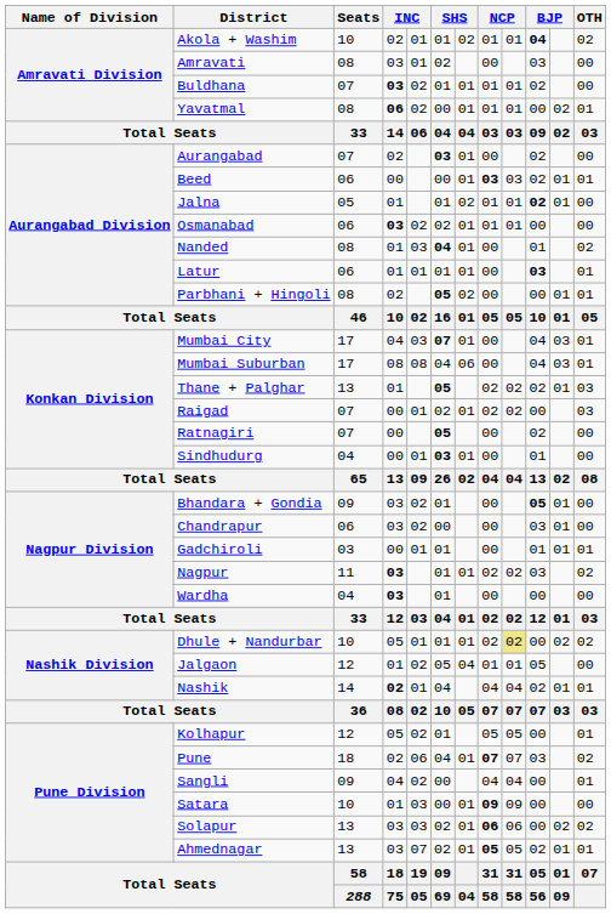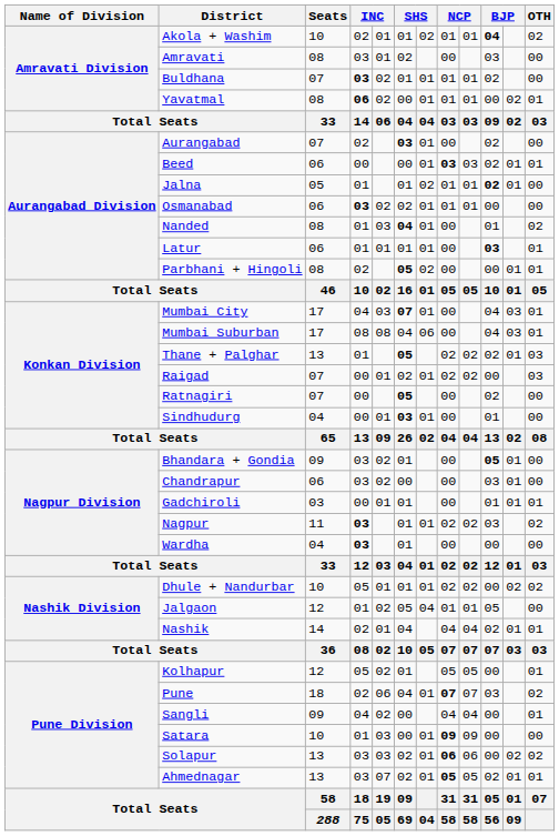 <table class="wikitable sortable">
 <tr>
 <th>Name of Division</th>
 <th>District</th>
 <th>Seats</th>
 <th colspan="2"><a href='#'>INC</a></th>
 <th colspan="2"><a href='#'>SHS</a></th>
 <th colspan="2"><a href='#'>NCP</a></th>
 <th colspan="2"><a href='#'>BJP</a></th>
 <th>OTH</th>
 </tr>
 <tr>
 <th rowspan="4"><a href='#'>Amravati Division</a></th>
 <td><a href='#'>Akola</a> + <a href='#'>Washim</a></td>
 <td>10</td>
 <td>02</td>
 <td> 01</td>
 <td>01</td>
 <td> 02</td>
 <td>01</td>
 <td> 01</td>
 <td><strong>04</strong></td>
 <td></td>
 <td>02</td>
 </tr>
 <tr>
 <td><a href='#'>Amravati</a></td>
 <td>08</td>
 <td>03</td>
 <td> 01</td>
 <td>02</td>
 <td></td>
 <td>00</td>
 <td></td>
 <td>03</td>
 <td></td>
 <td>00</td>
 </tr>
 <tr>
 <td><a href='#'>Buldhana</a></td>
 <td>07</td>
 <td><strong>03</strong></td>
 <td> 02</td>
 <td>01</td>
 <td> 01</td>
 <td>01</td>
 <td> 01</td>
 <td>02</td>
 <td></td>
 <td>00</td>
 </tr>
 <tr>
 <td><a href='#'>Yavatmal</a></td>
 <td>08</td>
 <td><strong>06</strong></td>
 <td> 02</td>
 <td>00</td>
 <td> 01</td>
 <td>01</td>
 <td> 01</td>
 <td>00</td>
 <td> 02</td>
 <td>01</td>
 </tr>
 <tr>
 <th colspan="2">Total Seats</th>
 <th>33</th>
 <th>14</th>
 <th> 06</th>
 <th>04</th>
 <th> 04</th>
 <th>03</th>
 <th> 03</th>
 <th>09</th>
 <th> 02</th>
 <th>03</th>
 </tr>
 <tr>
 <th rowspan="7"><a href='#'>Aurangabad Division</a></th>
 <td><a href='#'>Aurangabad</a></td>
 <td>07</td>
 <td>02</td>
 <td></td>
 <td><strong>03</strong></td>
 <td> 01</td>
 <td>00</td>
 <td></td>
 <td>02</td>
 <td></td>
 <td>00</td>
 </tr>
 <tr>
 <td><a href='#'>Beed</a></td>
 <td>06</td>
 <td>00</td>
 <td></td>
 <td>00</td>
 <td> 01</td>
 <td><strong>03</strong></td>
 <td> 03</td>
 <td>02</td>
 <td> 01</td>
 <td>01</td>
 </tr>
 <tr>
 <td><a href='#'>Jalna</a></td>
 <td>05</td>
 <td>01</td>
 <td></td>
 <td>01</td>
 <td> 02</td>
 <td>01</td>
 <td> 01</td>
 <td><strong>02</strong></td>
 <td> 01</td>
 <td>00</td>
 </tr>
 <tr>
 <td><a href='#'>Osmanabad</a></td>
 <td>06</td>
 <td><strong>03</strong></td>
 <td> 02</td>
 <td>02</td>
 <td> 01</td>
 <td>01</td>
 <td> 01</td>
 <td>00</td>
 <td></td>
 <td>00</td>
 </tr>
 <tr>
 <td><a href='#'>Nanded</a></td>
 <td>08</td>
 <td>01</td>
 <td> 03</td>
 <td><strong>04</strong></td>
 <td> 01</td>
 <td>00</td>
 <td></td>
 <td>01</td>
 <td></td>
 <td>02</td>
 </tr>
 <tr>
 <td><a href='#'>Latur</a></td>
 <td>06</td>
 <td>01</td>
 <td> 01</td>
 <td>01</td>
 <td> 01</td>
 <td>00</td>
 <td></td>
 <td><strong>03</strong></td>
 <td></td>
 <td>01</td>
 </tr>
 <tr>
 <td><a href='#'>Parbhani</a> + <a href='#'>Hingoli</a></td>
 <td>08</td>
 <td>02</td>
 <td></td>
 <td><strong>05</strong></td>
 <td> 02</td>
 <td>00</td>
 <td></td>
 <td>00</td>
 <td> 01</td>
 <td>01</td>
 </tr>
 <tr>
 <th colspan="2">Total Seats</th>
 <th>46</th>
 <th>10</th>
 <th> 02</th>
 <th>16</th>
 <th> 01</th>
 <th>05</th>
 <th> 05</th>
 <th>10</th>
 <th> 01</th>
 <th>05</th>
 </tr>
 <tr>
 <th rowspan="6"><a href='#'>Konkan Division</a></th>
 <td><a href='#'>Mumbai City</a></td>
 <td>17</td>
 <td>04</td>
 <td> 03</td>
 <td><strong>07</strong></td>
 <td> 01</td>
 <td>00</td>
 <td></td>
 <td>04</td>
 <td> 03</td>
 <td>01</td>
 </tr>
 <tr>
 <td><a href='#'>Mumbai Suburban</a></td>
 <td>17</td>
 <td>08</td>
 <td> 08</td>
 <td>04</td>
 <td> 06</td>
 <td>00</td>
 <td></td>
 <td>04</td>
 <td> 03</td>
 <td>01</td>
 </tr>
 <tr>
 <td><a href='#'>Thane</a> + <a href='#'>Palghar</a></td>
 <td>13</td>
 <td>01</td>
 <td></td>
 <td><strong>05</strong></td>
 <td></td>
 <td>02</td>
 <td> 02</td>
 <td>02</td>
 <td> 01</td>
 <td>03</td>
 </tr>
 <tr>
 <td><a href='#'>Raigad</a></td>
 <td>07</td>
 <td>00</td>
 <td> 01</td>
 <td>02</td>
 <td> 01</td>
 <td>02</td>
 <td> 02</td>
 <td>00</td>
 <td></td>
 <td>03</td>
 </tr>
 <tr>
 <td><a href='#'>Ratnagiri</a></td>
 <td>07</td>
 <td>00</td>
 <td></td>
 <td><strong>05</strong></td>
 <td></td>
 <td>00</td>
 <td></td>
 <td>02</td>
 <td></td>
 <td>00</td>
 </tr>
 <tr>
 <td><a href='#'>Sindhudurg</a></td>
 <td>04</td>
 <td>00</td>
 <td> 01</td>
 <td><strong>03</strong></td>
 <td> 01</td>
 <td>00</td>
 <td></td>
 <td>01</td>
 <td></td>
 <td>00</td>
 </tr>
 <tr>
 <th colspan="2">Total Seats</th>
 <th>65</th>
 <th>13</th>
 <th> 09</th>
 <th>26</th>
 <th> 02</th>
 <th>04</th>
 <th> 04</th>
 <th>13</th>
 <th> 02</th>
 <th>08</th>
 </tr>
 <tr>
 <th rowspan="5"><a href='#'>Nagpur Division</a></th>
 <td><a href='#'>Bhandara</a> + <a href='#'>Gondia</a></td>
 <td>09</td>
 <td>03</td>
 <td> 02</td>
 <td>01</td>
 <td></td>
 <td>00</td>
 <td></td>
 <td><strong>05</strong></td>
 <td> 01</td>
 <td>00</td>
 </tr>
 <tr>
 <td><a href='#'>Chandrapur</a></td>
 <td>06</td>
 <td>03</td>
 <td> 02</td>
 <td>00</td>
 <td></td>
 <td>00</td>
 <td></td>
 <td>03</td>
 <td> 01</td>
 <td>00</td>
 </tr>
 <tr>
 <td><a href='#'>Gadchiroli</a></td>
 <td>03</td>
 <td>00</td>
 <td> 01</td>
 <td>01</td>
 <td></td>
 <td>00</td>
 <td></td>
 <td>01</td>
 <td> 01</td>
 <td>01</td>
 </tr>
 <tr>
 <td><a href='#'>Nagpur</a></td>
 <td>11</td>
 <td><strong>03</strong></td>
 <td></td>
 <td>01</td>
 <td> 01</td>
 <td>02</td>
 <td> 02</td>
 <td>03</td>
 <td></td>
 <td>02</td>
 </tr>
 <tr>
 <td><a href='#'>Wardha</a></td>
 <td>04</td>
 <td><strong>03</strong></td>
 <td></td>
 <td>01</td>
 <td></td>
 <td>00</td>
 <td></td>
 <td>00</td>
 <td></td>
 <td>00</td>
 </tr>
 <tr>
 <th colspan="2">Total Seats</th>
 <th>33</th>
 <th>12</th>
 <th> 03</th>
 <th>04</th>
 <th> 01</th>
 <th>02</th>
 <th> 02</th>
 <th>12</th>
 <th> 01</th>
 <th>03</th>
 </tr>
 <tr>
 <th rowspan="3"><a href='#'>Nashik Division</a></th>
 <td><a href='#'>Dhule</a> + <a href='#'>Nandurbar</a></td>
 <td>10</td>
 <td>05</td>
 <td> 01</td>
 <td>01</td>
 <td> 01</td>
 <td>02</td>
-<td style="background: khaki;"> 02</td>
+<td> 02</td>
 <td>00</td>
 <td> 02</td>
 <td>02</td>
 </tr>
 <tr>
 <td><a href='#'>Jalgaon</a></td>
 <td>12</td>
 <td>01</td>
 <td> 02</td>
 <td>05</td>
 <td> 04</td>
 <td>01</td>
 <td> 01</td>
 <td>05</td>
 <td></td>
 <td>00</td>
 </tr>
 <tr>
 <td><a href='#'>Nashik</a></td>
 <td>14</td>
-<td><strong>02</strong></td>
+<td>02</td>
 <td> 01</td>
 <td>04</td>
 <td></td>
 <td>04</td>
 <td> 04</td>
 <td>02</td>
 <td> 01</td>
 <td>01</td>
 </tr>
 <tr>
 <th colspan="2">Total Seats</th>
 <th>36</th>
 <th>08</th>
 <th> 02</th>
 <th>10</th>
 <th> 05</th>
 <th>07</th>
 <th> 07</th>
 <th>07</th>
 <th> 03</th>
 <th>03</th>
 </tr>
 <tr>
 <th rowspan="6"><a href='#'>Pune Division</a></th>
 <td><a href='#'>Kolhapur</a></td>
 <td>12</td>
 <td>05</td>
 <td> 02</td>
 <td>01</td>
 <td></td>
 <td>05</td>
 <td> 05</td>
 <td>00</td>
 <td></td>
 <td>01</td>
 </tr>
 <tr>
 <td><a href='#'>Pune</a></td>
 <td>18</td>
 <td>02</td>
 <td> 06</td>
 <td>04</td>
 <td> 01</td>
 <td><strong>07</strong></td>
 <td> 07</td>
 <td>03</td>
 <td></td>
 <td>02</td>
 </tr>
 <tr>
 <td><a href='#'>Sangli</a></td>
 <td>09</td>
 <td>04</td>
 <td> 02</td>
 <td>00</td>
 <td></td>
 <td>04</td>
 <td> 04</td>
 <td>00</td>
 <td></td>
 <td>01</td>
 </tr>
 <tr>
 <td><a href='#'>Satara</a></td>
 <td>10</td>
 <td>01</td>
 <td> 03</td>
 <td>00</td>
 <td> 01</td>
 <td><strong>09</strong></td>
 <td> 09</td>
 <td>00</td>
 <td></td>
 <td>00</td>
 </tr>
 <tr>
 <td><a href='#'>Solapur</a></td>
 <td>13</td>
 <td>03</td>
 <td> 03</td>
 <td>02</td>
 <td> 01</td>
 <td><strong>06</strong></td>
 <td> 06</td>
 <td>00</td>
 <td> 02</td>
 <td>02</td>
 </tr>
 <tr>
 <td><a href='#'>Ahmednagar</a></td>
 <td>13</td>
 <td>03</td>
 <td> 07</td>
 <td>02</td>
 <td> 01</td>
 <td><strong>05</strong></td>
 <td> 05</td>
 <td>02</td>
 <td> 01</td>
 <td>01</td>
 </tr>
 <tr>
 <th colspan="2" rowspan="2">Total Seats</th>
 <th>58</th>
 <th>18</th>
 <th> 19</th>
 <th>09</th>
 <th></th>
 <th>31</th>
 <th> 31</th>
 <th>05</th>
 <th> 01</th>
 <th>07</th>
 </tr>
 <tr>
 <th><em>288</em></th>
 <th>75</th>
 <th> 05</th>
 <th>69</th>
 <th> 04</th>
 <th>58</th>
 <th> 58</th>
 <th>56</th>
 <th> 09</th>
 <th></th>
 </tr>
 </table>
